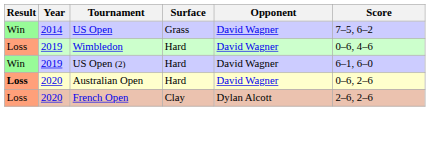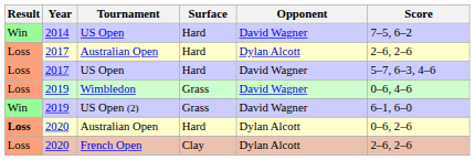 <table class="sortable wikitable">
 <tr>
 <th>Result</th>
 <th style="width:40px">Year</th>
 <th style="width:130px">Tournament</th>
 <th style="width:70px">Surface</th>
 <th style="width:170px">Opponent</th>
 <th style="width:130px" class="unsortable">Score</th>
 </tr>
 <tr style="background:#ccf;">
 <td style="background:#98fb98">Win</td>
 <td><a href='#'>2014</a></td>
 <td><a href='#'>US Open</a></td>
-<td>Grass</td>
+<td>Hard</td>
 <td> <a href='#'>David Wagner</a></td>
 <td>7–5, 6–2</td>
+</tr>
+<tr style="background:#ffc;">
+<td style="background:#ffa07a;">Loss</td>
+<td><a href='#'>2017</a></td>
+<td><a href='#'>Australian Open</a></td>
+<td>Hard</td>
+<td> <a href='#'>Dylan Alcott</a></td>
+<td>2–6, 2–6</td>
+</tr>
+<tr style="background:#ccf;">
+<td style="background:#ffa07a;">Loss</td>
+<td><a href='#'>2017</a></td>
+<td>US Open</td>
+<td>Hard</td>
+<td> David Wagner</td>
+<td>5–7, 6–3, 4–6</td>
 </tr>
 <tr style="background:#cfc;">
 <td style="background:#ffa07a;">Loss</td>
 <td><a href='#'>2019</a></td>
 <td><a href='#'>Wimbledon</a></td>
-<td>Hard</td>
+<td>Grass</td>
 <td> <a href='#'>David Wagner</a></td>
 <td>0–6, 4–6</td>
 </tr>
 <tr style="background:#ccf;">
 <td style="background:#98fb98">Win</td>
 <td><a href='#'>2019</a></td>
 <td>US Open <small>(2)</small></td>
-<td>Hard</td>
+<td>Grass</td>
 <td> David Wagner</td>
 <td>6–1, 6–0</td>
 </tr>
 <tr style="background:#ffc;">
 <td style="background:#ffa07a;"><strong>Loss</strong></td>
 <td><a href='#'>2020</a></td>
 <td>Australian Open</td>
 <td>Hard</td>
-<td> <a href='#'>David Wagner</a></td>
+<td> Dylan Alcott</td>
 <td>0–6, 2–6</td>
 </tr>
 <tr style="background:#ebc2af;">
 <td style="background:#ffa07a;">Loss</td>
 <td><a href='#'>2020</a></td>
 <td><a href='#'>French Open</a></td>
 <td>Clay</td>
 <td> Dylan Alcott</td>
 <td>2–6, 2–6</td>
 </tr>
 </table>
